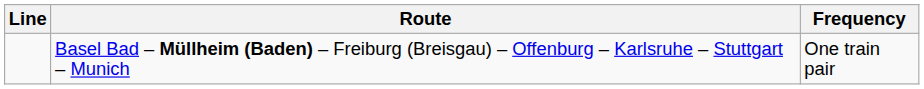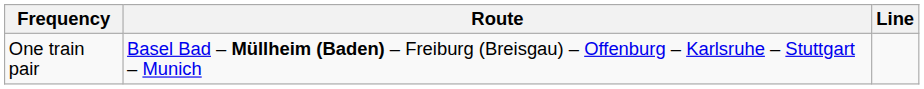 <table class="wikitable" width="90%">
 <tr>
+<th>Frequency</th>
+<th>Route</th>
 <th>Line</th>
-<th>Route</th>
-<th>Frequency</th>
 </tr>
 <tr>
+<td>One train pair</td>
+<td><a href='#'>Basel Bad</a> – <strong>Müllheim (Baden)</strong> – Freiburg (Breisgau) – <a href='#'>Offenburg</a> – <a href='#'>Karlsruhe</a> – <a href='#'>Stuttgart</a> – <a href='#'>Munich</a></td>
 <td></td>
-<td><a href='#'>Basel Bad</a> – <strong>Müllheim (Baden)</strong> – Freiburg (Breisgau) – <a href='#'>Offenburg</a> – <a href='#'>Karlsruhe</a> – <a href='#'>Stuttgart</a> – <a href='#'>Munich</a></td>
-<td>One train pair</td>
 </tr>
 </table>
